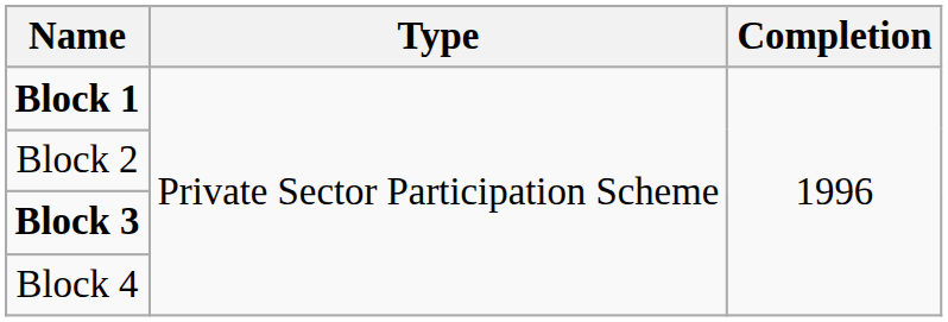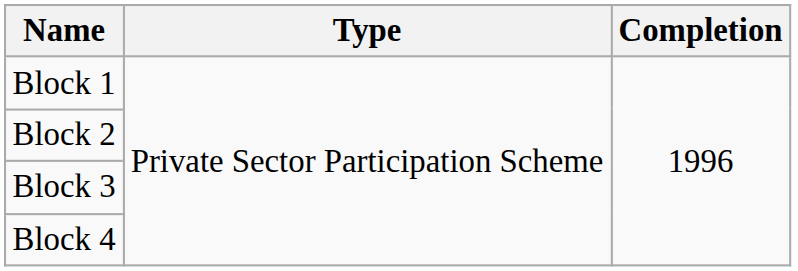 <table class="wikitable" style="text-align: center">
 <tr>
 <th>Name</th>
 <th>Type</th>
 <th>Completion</th>
 </tr>
 <tr>
-<td><strong>Block 1</strong></td>
+<td>Block 1</td>
 <td rowspan="4">Private Sector Participation Scheme</td>
 <td rowspan="4">1996</td>
 </tr>
 <tr>
 <td>Block 2</td>
 </tr>
 <tr>
-<td><strong>Block 3</strong></td>
+<td>Block 3</td>
 </tr>
 <tr>
 <td>Block 4</td>
 </tr>
 </table>
